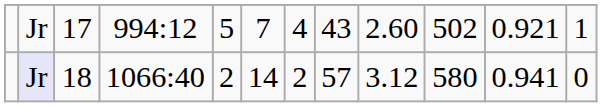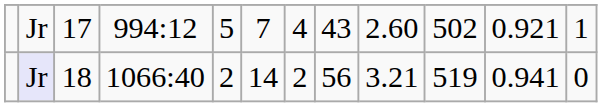 <table class="wikitable sortable" style="text-align:center">
 <tr>
 <td align=left></td>
 <td>Jr</td>
 <td>17</td>
 <td>994:12</td>
 <td>5</td>
 <td>7</td>
 <td>4</td>
 <td>43</td>
 <td>2.60</td>
 <td>502</td>
 <td>0.921</td>
 <td>1</td>
 </tr>
 <tr>
 <td align=left></td>
 <td style="background: lavender;">Jr</td>
 <td>18</td>
 <td>1066:40</td>
 <td>2</td>
 <td>14</td>
 <td>2</td>
-<td>57</td>
-<td>3.12</td>
-<td>580</td>
+<td>56</td>
+<td>3.21</td>
+<td>519</td>
 <td>0.941</td>
 <td>0</td>
 </tr>
 </table>
